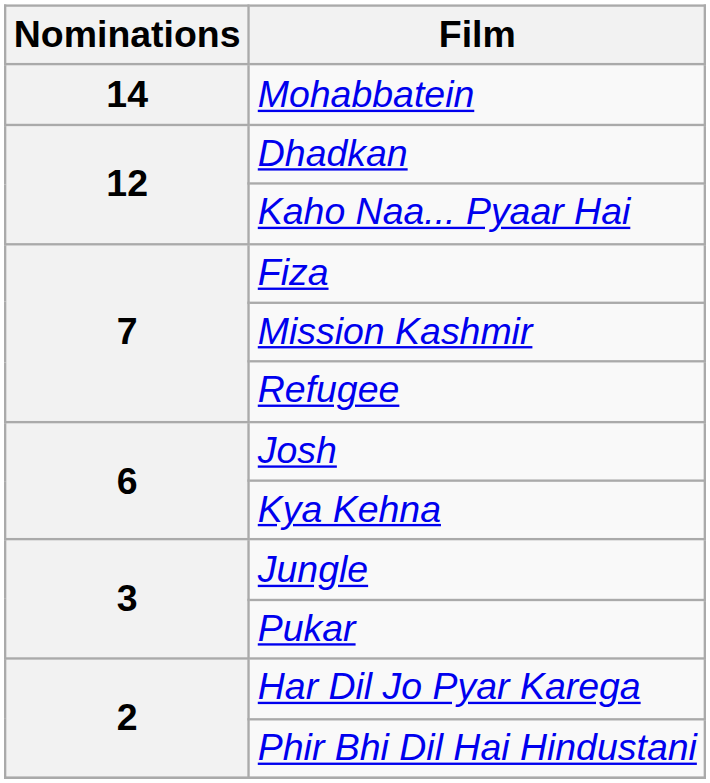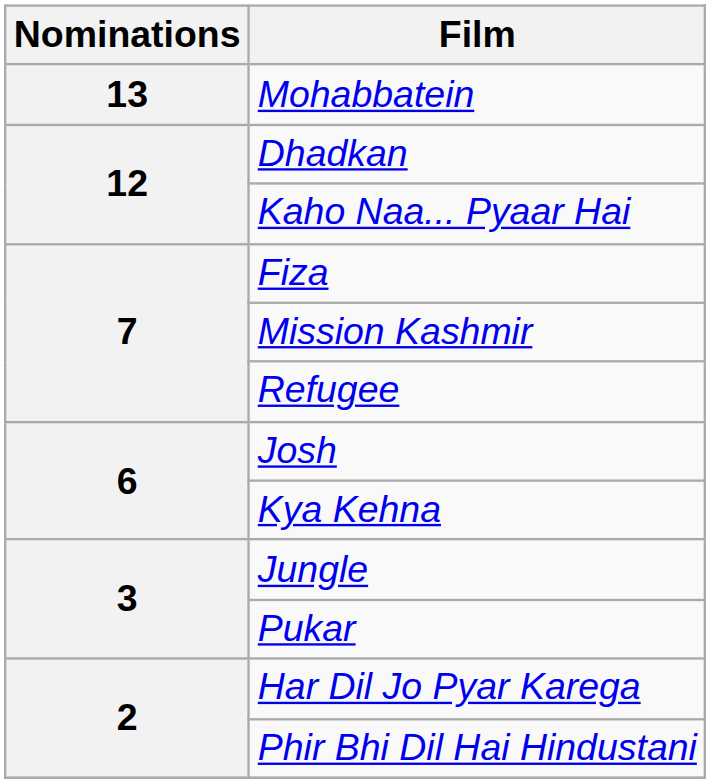 <table class="wikitable" style="display:inline-table;">
 <tr>
 <th>Nominations</th>
 <th>Film</th>
 </tr>
 <tr>
-<th>14</th>
+<th>13</th>
 <td><em><a href='#'>Mohabbatein</a></em></td>
 </tr>
 <tr>
 <th rowspan="2">12</th>
 <td><em><a href='#'>Dhadkan</a></em></td>
 </tr>
 <tr>
 <td><em><a href='#'>Kaho Naa... Pyaar Hai</a></em></td>
 </tr>
 <tr>
 <th rowspan="3">7</th>
 <td><em><a href='#'>Fiza</a></em></td>
 </tr>
 <tr>
 <td><em><a href='#'>Mission Kashmir</a></em></td>
 </tr>
 <tr>
 <td><em><a href='#'>Refugee</a></em></td>
 </tr>
 <tr>
 <th rowspan="2">6</th>
 <td><em><a href='#'>Josh</a></em></td>
 </tr>
 <tr>
 <td><em><a href='#'>Kya Kehna</a></em></td>
 </tr>
 <tr>
 <th rowspan="2">3</th>
 <td><em><a href='#'>Jungle</a></em></td>
 </tr>
 <tr>
 <td><em><a href='#'>Pukar</a></em></td>
 </tr>
 <tr>
 <th rowspan="2">2</th>
 <td><em><a href='#'>Har Dil Jo Pyar Karega</a></em></td>
 </tr>
 <tr>
 <td><em><a href='#'>Phir Bhi Dil Hai Hindustani</a></em></td>
 </tr>
 <tr>
 </tr>
 </table>
